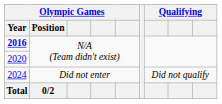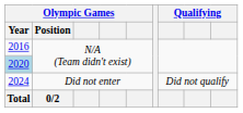 <table class="wikitable" style="text-align: center;font-size:90%;">
 <tr>
 <th colspan=5><a href='#'>Olympic Games</a></th>
 <th rowspan="14"></th>
 <th colspan=3><a href='#'>Qualifying</a></th>
 </tr>
 <tr>
 <th>Year</th>
 <th>Position</th>
 <th width=30></th>
 <th width=30></th>
 <th width=30></th>
 <th width=30></th>
 <th width=30></th>
 <th width=30></th>
 </tr>
 <tr>
-<td><strong> <a href='#'>2016</a></strong></td>
+<td> <a href='#'>2016</a></td>
 <td colspan=4 rowspan=2><em>N/A<br>(Team didn't exist)</em></td>
 </tr>
 <tr>
-<td> <a href='#'>2020</a></td>
+<td style="background: lightblue;"> <a href='#'>2020</a></td>
 </tr>
 <tr>
 <td> <a href='#'>2024</a></td>
 <td colspan=4><em>Did not enter</em></td>
 <td colspan=3><em>Did not qualify</em></td>
 </tr>
 <tr>
 <th>Total</th>
 <th>0/2</th>
 <th></th>
 <th></th>
 <th></th>
 <th></th>
 <th></th>
 <th></th>
 </tr>
 </table>
